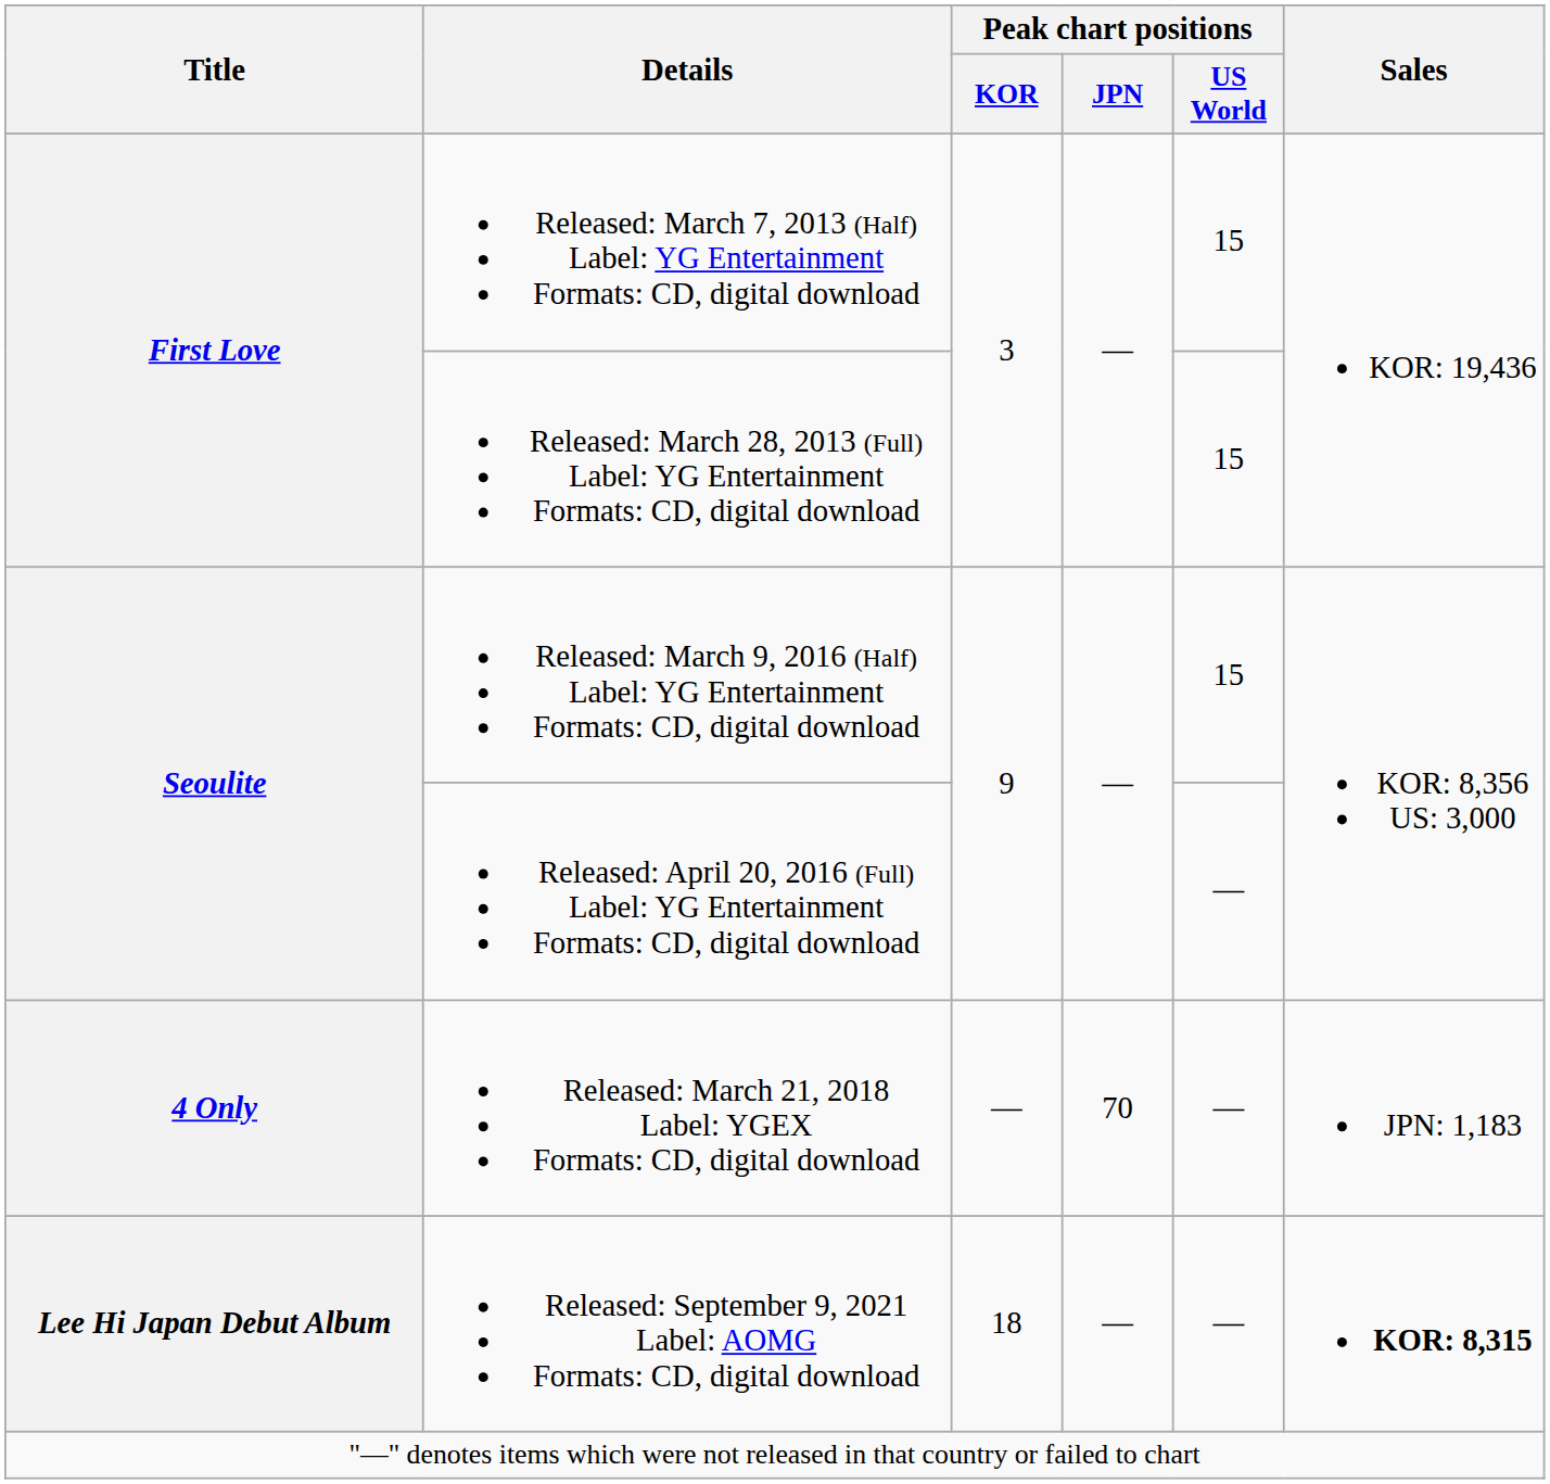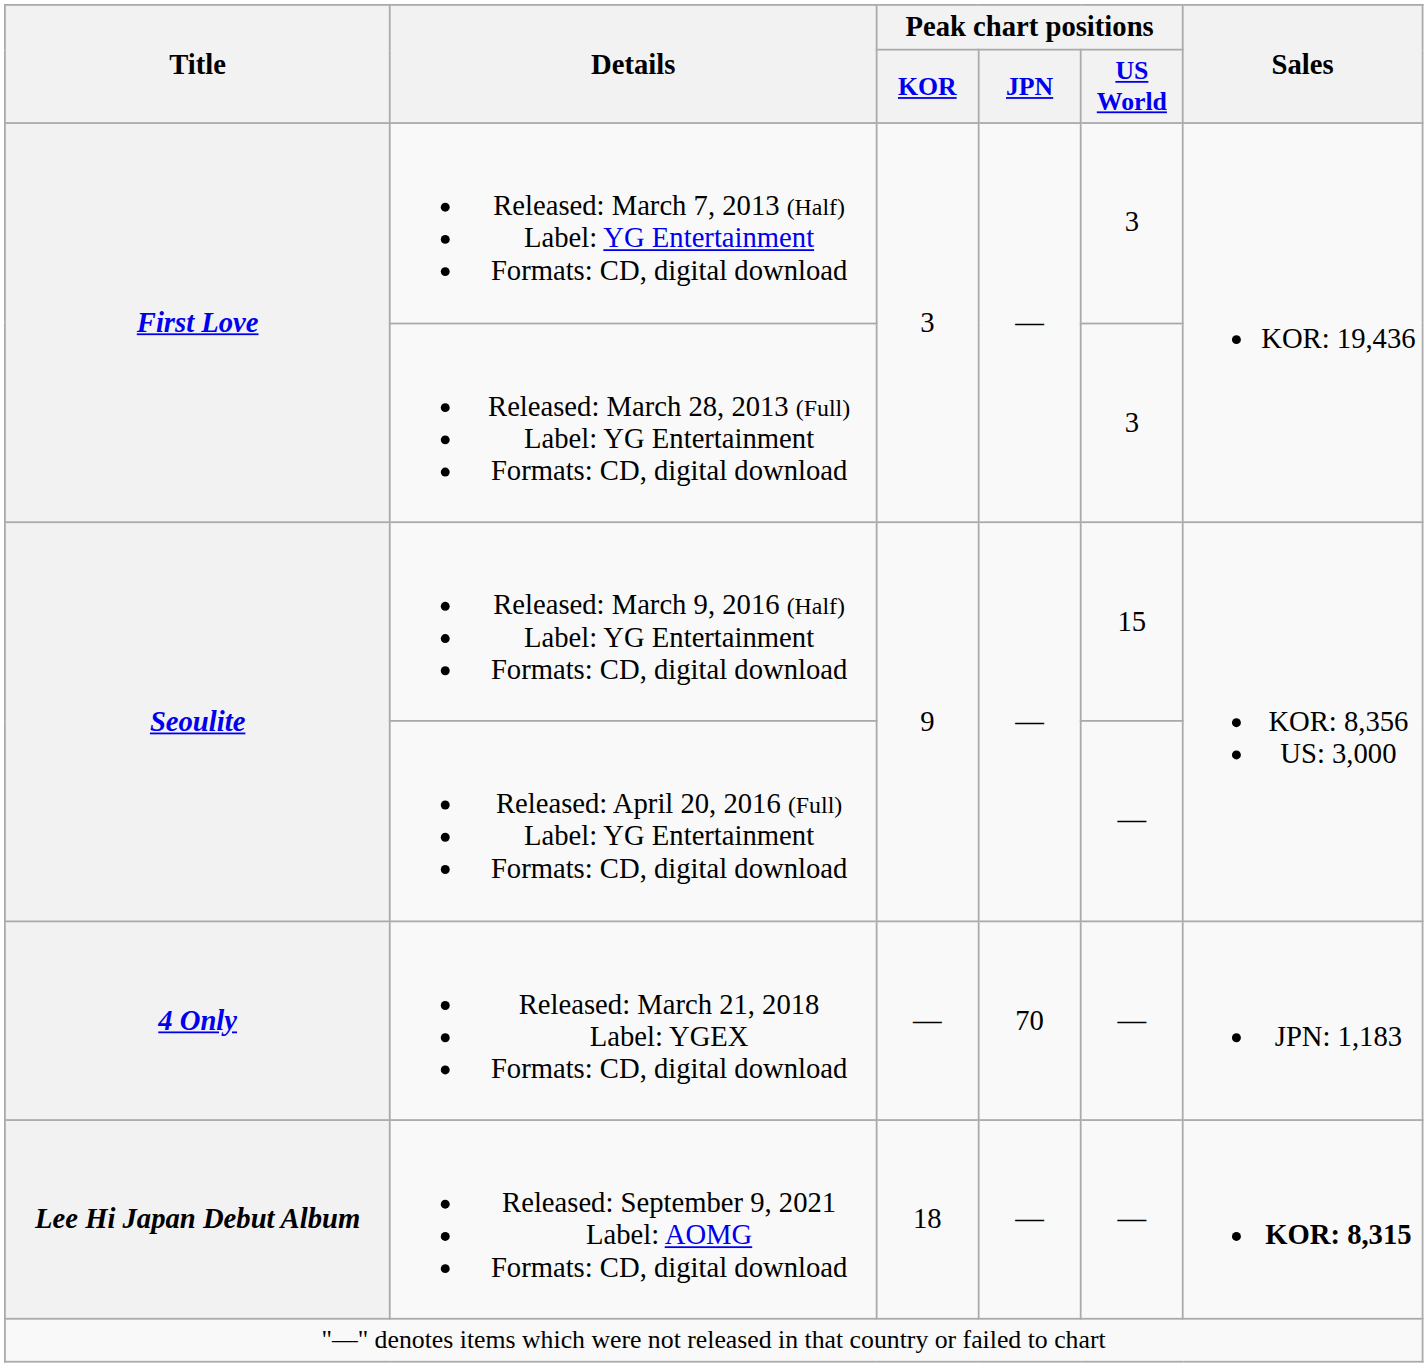 <table class="wikitable plainrowheaders" style="text-align:center;">
 <tr>
 <th scope="col" rowspan="2" style="width:13em;">Title</th>
 <th scope="col" rowspan="2" style="width:16.5em;">Details</th>
 <th scope="col" colspan="3">Peak chart positions</th>
 <th scope="col" rowspan="2">Sales</th>
 </tr>
 <tr>
 <th scope="col" style="width:3.5em;font-size:90%;"><a href='#'>KOR</a><br></th>
 <th scope="col" style="width:3.5em;font-size:90%;"><a href='#'>JPN</a><br></th>
 <th scope="col" style="width:3.5em;font-size:90%;"><a href='#'>US World</a><br></th>
 </tr>
 <tr>
 <th scope="row" rowspan="2"><em><a href='#'>First Love</a></em></th>
 <td><br><ul><li>Released: March 7, 2013 <small>(Half)</small></li><li>Label: <a href='#'>YG Entertainment</a></li><li>Formats: CD, digital download</li></ul></td>
 <td rowspan="2">3</td>
 <td rowspan="2">—</td>
-<td>15</td>
+<td>3</td>
 <td rowspan="2"><br><ul><li>KOR: 19,436</li></ul></td>
 </tr>
 <tr>
 <td><br><ul><li>Released: March 28, 2013 <small>(Full)</small></li><li>Label: YG Entertainment</li><li>Formats: CD, digital download</li></ul></td>
-<td>15</td>
+<td>3</td>
 </tr>
 <tr>
 <th scope="row" rowspan="2"><em><a href='#'>Seoulite</a></em></th>
 <td><br><ul><li>Released: March 9, 2016 <small>(Half)</small></li><li>Label: YG Entertainment</li><li>Formats: CD, digital download</li></ul></td>
 <td rowspan="2">9</td>
 <td rowspan="2">—</td>
 <td>15</td>
 <td rowspan="2"><br><ul><li>KOR: 8,356</li><li>US: 3,000</li></ul></td>
 </tr>
 <tr>
 <td><br><ul><li>Released: April 20, 2016 <small>(Full)</small></li><li>Label: YG Entertainment</li><li>Formats: CD, digital download</li></ul></td>
 <td>—</td>
 </tr>
 <tr>
 <th scope="row"><em><a href='#'>4 Only</a></em></th>
 <td><br><ul><li>Released: March 21, 2018</li><li>Label: YGEX</li><li>Formats: CD, digital download</li></ul></td>
 <td>—</td>
 <td>70</td>
 <td>—</td>
 <td><br><ul><li>JPN: 1,183</li></ul></td>
 </tr>
 <tr>
 <th scope="row"><em>Lee Hi Japan Debut Album</em></th>
 <td><br><ul><li>Released: September 9, 2021</li><li>Label: <a href='#'>AOMG</a></li><li>Formats: CD, digital download</li></ul></td>
 <td>18</td>
 <td>—</td>
 <td>—</td>
 <td><strong><br><ul><li>KOR: 8,315</li></ul></strong></td>
 </tr>
 <tr>
 <td colspan="7" style="font-size:90%">"—" denotes items which were not released in that country or failed to chart</td>
 </tr>
 </table>
